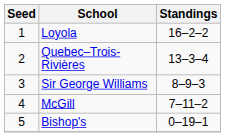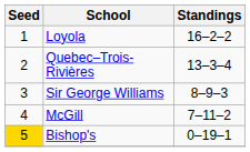 <table class="wikitable">
 <tr>
 <th>Seed</th>
 <th style="width:150px">School</th>
 <th>Standings</th>
 </tr>
 <tr>
 <td align=center>1</td>
 <td><a href='#'>Loyola</a></td>
 <td align=center>16–2–2</td>
 </tr>
 <tr>
 <td align=center>2</td>
 <td><a href='#'>Quebec–Trois-Rivières</a></td>
 <td align=center>13–3–4</td>
 </tr>
 <tr>
 <td align=center>3</td>
 <td><a href='#'>Sir George Williams</a></td>
 <td align=center>8–9–3</td>
 </tr>
 <tr>
 <td align=center>4</td>
 <td><a href='#'>McGill</a></td>
 <td align=center>7–11–2</td>
 </tr>
 <tr>
-<td align=center>5</td>
+<td align=center style="background: gold;">5</td>
 <td><a href='#'>Bishop's</a></td>
 <td align=center>0–19–1</td>
 </tr>
 <tr>
 </tr>
 </table>
